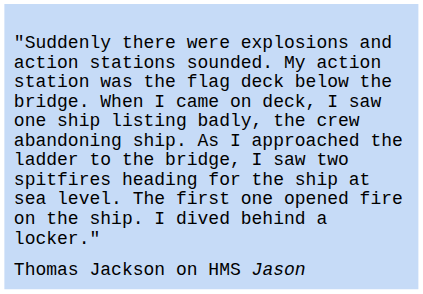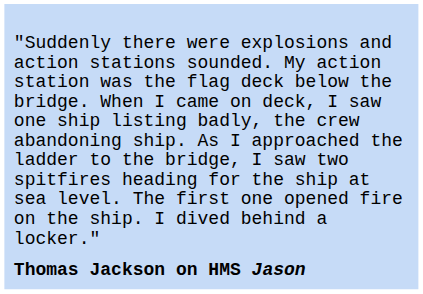 <table class="toccolours" style="float: right; margin-left: 1em; margin-right: 1em; font-size: 85%; background:#c6dbf7; color:black; width:23em; max-width: 25%;" cellspacing="5">
 <tr>
 <td style="text-align: left;"><br>"Suddenly there were explosions and action stations sounded. My action station was the flag deck below the bridge. When I came on deck, I saw one ship listing badly, the crew abandoning ship. As I approached the ladder to the bridge, I saw two spitfires heading for the ship at sea level. The first one opened fire on the ship. I dived behind a locker."</td>
 </tr>
 <tr>
-<td style="text-align: left;">Thomas Jackson on HMS <em>Jason</em></td>
+<td style="text-align: left;"><strong>Thomas Jackson on HMS <em>Jason</em></strong></td>
 </tr>
 </table>
